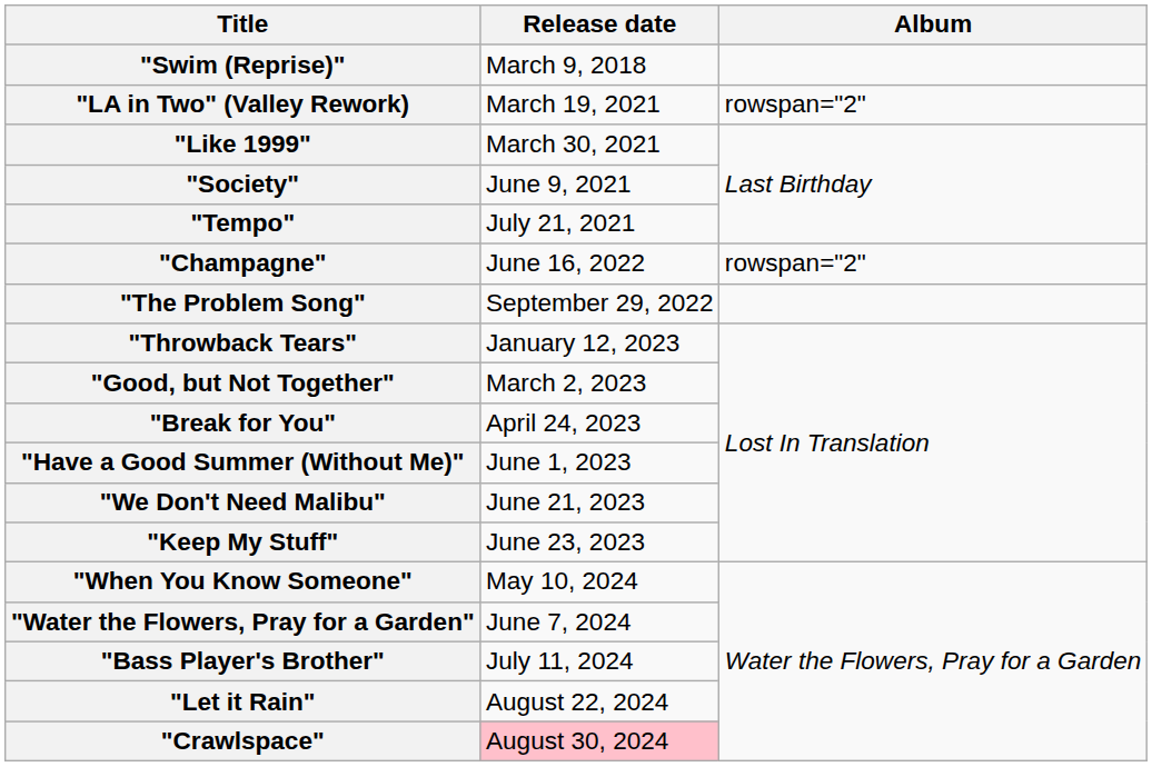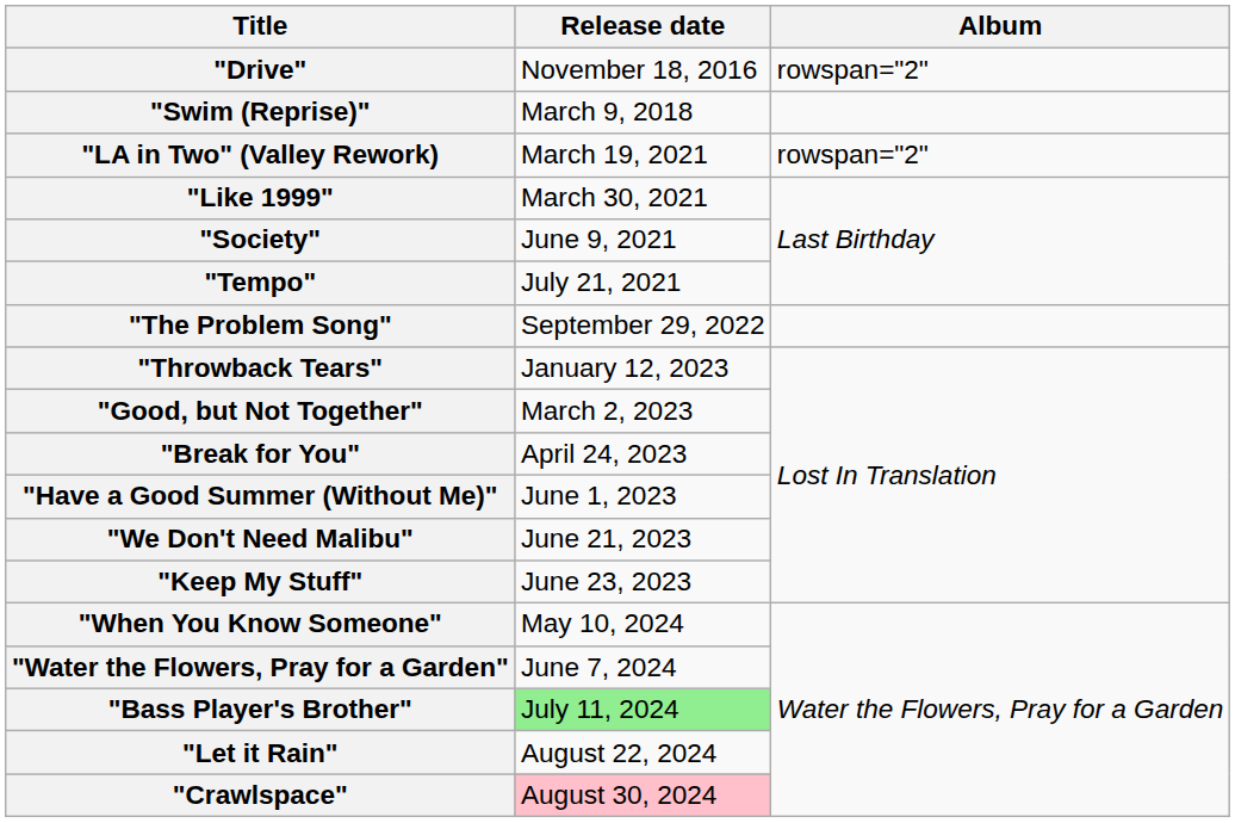 <table class="wikitable plainrowheaders">
 <tr>
 <th>Title</th>
 <th>Release date</th>
 <th>Album</th>
+</tr>
+<tr>
+<th scope="row">"Drive"</th>
+<td>November 18, 2016</td>
+<td>rowspan="2" </td>
 </tr>
 <tr>
 <th scope="row">"Swim (Reprise)"</th>
 <td>March 9, 2018</td>
 </tr>
 <tr>
 <th scope="row">"LA in Two" (Valley Rework)<br></th>
 <td>March 19, 2021</td>
 <td>rowspan="2" </td>
 </tr>
 <tr>
 <th scope="row">"Like 1999"</th>
 <td>March 30, 2021</td>
 <td rowspan="3"><em>Last Birthday</em></td>
 </tr>
 <tr>
 <th scope="row">"Society"</th>
 <td>June 9, 2021</td>
 </tr>
 <tr>
 <th scope="row">"Tempo"</th>
 <td>July 21, 2021</td>
-</tr>
-<tr>
-<th scope="row">"Champagne"</th>
-<td>June 16, 2022</td>
-<td>rowspan="2" </td>
 </tr>
 <tr>
 <th scope="row">"The Problem Song"</th>
 <td>September 29, 2022</td>
 </tr>
 <tr>
 <th scope="row">"Throwback Tears"</th>
 <td>January 12, 2023</td>
 <td rowspan="6"><em>Lost In Translation</em></td>
 </tr>
 <tr>
 <th scope="row">"Good, but Not Together"</th>
 <td>March 2, 2023</td>
 </tr>
 <tr>
 <th scope="row">"Break for You"</th>
 <td>April 24, 2023</td>
 </tr>
 <tr>
 <th scope="row">"Have a Good Summer (Without Me)"</th>
 <td>June 1, 2023</td>
 </tr>
 <tr>
 <th scope="row">"We Don't Need Malibu"</th>
 <td>June 21, 2023</td>
 </tr>
 <tr>
 <th scope="row">"Keep My Stuff"</th>
 <td>June 23, 2023</td>
 </tr>
 <tr>
 <th scope="row">"When You Know Someone"</th>
 <td>May 10, 2024</td>
 <td rowspan="5"><em>Water the Flowers, Pray for a Garden</em></td>
 </tr>
 <tr>
 <th scope="row">"Water the Flowers, Pray for a Garden"</th>
 <td>June 7, 2024</td>
 </tr>
 <tr>
 <th scope="row">"Bass Player's Brother"</th>
-<td>July 11, 2024</td>
+<td style="background: lightgreen;">July 11, 2024</td>
 </tr>
 <tr>
 <th scope="row">"Let it Rain"</th>
 <td>August 22, 2024</td>
 </tr>
 <tr>
 <th scope="row">"Crawlspace"</th>
 <td style="background: pink;">August 30, 2024</td>
 </tr>
 </table>
